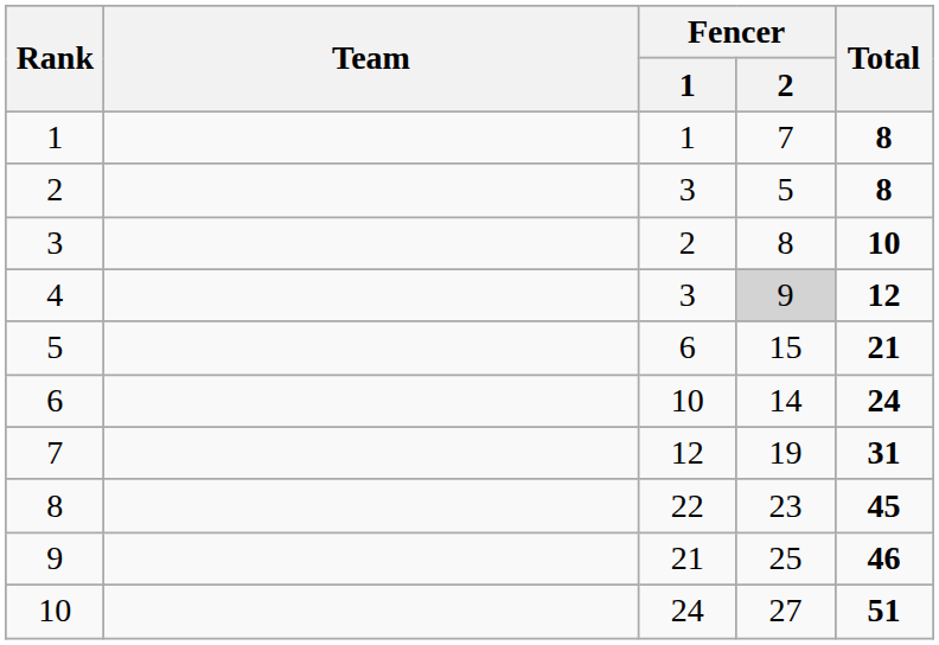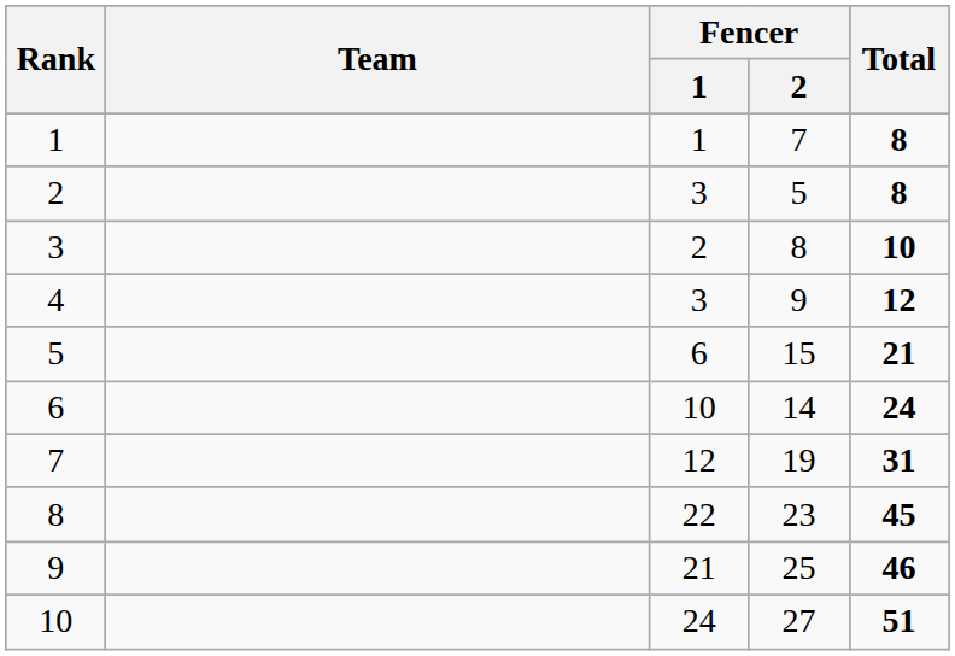 <table class=wikitable style="text-align:center">
 <tr>
 <th rowspan=2 width=40>Rank</th>
 <th rowspan=2 width=250>Team</th>
 <th colspan=2>Fencer</th>
 <th rowspan=2 width=40>Total</th>
 </tr>
 <tr>
 <th width=40>1</th>
 <th width=40>2</th>
 </tr>
 <tr>
 <td>1</td>
 <td align=left></td>
 <td>1</td>
 <td>7</td>
 <td><strong>8</strong></td>
 </tr>
 <tr>
 <td>2</td>
 <td align=left></td>
 <td>3</td>
 <td>5</td>
 <td><strong>8</strong></td>
 </tr>
 <tr>
 <td>3</td>
 <td align=left></td>
 <td>2</td>
 <td>8</td>
 <td><strong>10</strong></td>
 </tr>
 <tr>
 <td>4</td>
 <td align=left></td>
 <td>3</td>
-<td style="background: lightgrey;">9</td>
+<td>9</td>
 <td><strong>12</strong></td>
 </tr>
 <tr>
 <td>5</td>
 <td align=left></td>
 <td>6</td>
 <td>15</td>
 <td><strong>21</strong></td>
 </tr>
 <tr>
 <td>6</td>
 <td align=left></td>
 <td>10</td>
 <td>14</td>
 <td><strong>24</strong></td>
 </tr>
 <tr>
 <td>7</td>
 <td align=left></td>
 <td>12</td>
 <td>19</td>
 <td><strong>31</strong></td>
 </tr>
 <tr>
 <td>8</td>
 <td align=left></td>
 <td>22</td>
 <td>23</td>
 <td><strong>45</strong></td>
 </tr>
 <tr>
 <td>9</td>
 <td align=left></td>
 <td>21</td>
 <td>25</td>
 <td><strong>46</strong></td>
 </tr>
 <tr>
 <td>10</td>
 <td align=left></td>
 <td>24</td>
 <td>27</td>
 <td><strong>51</strong></td>
 </tr>
 </table>
